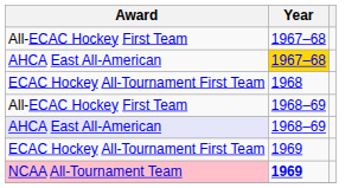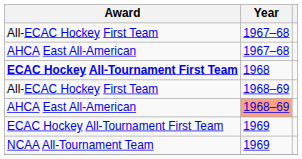 <table class="wikitable">
 <tr>
 <th>Award</th>
 <th>Year</th>
 <th></th>
 </tr>
 <tr>
 <td>All-<a href='#'>ECAC Hockey</a> <a href='#'>First Team</a></td>
 <td><a href='#'>1967–68</a></td>
 <td></td>
 </tr>
 <tr>
 <td><a href='#'>AHCA</a> <a href='#'>East All-American</a></td>
-<td style="background: gold;"><a href='#'>1967–68</a></td>
+<td><a href='#'>1967–68</a></td>
 <td></td>
 </tr>
 <tr>
-<td><a href='#'>ECAC Hockey</a> <a href='#'>All-Tournament First Team</a></td>
+<td><strong><a href='#'>ECAC Hockey</a> <a href='#'>All-Tournament First Team</a></strong></td>
 <td><a href='#'>1968</a></td>
 <td></td>
 </tr>
 <tr>
 <td>All-<a href='#'>ECAC Hockey</a> <a href='#'>First Team</a></td>
 <td><a href='#'>1968–69</a></td>
 <td></td>
 </tr>
 <tr>
-<td style="background: lavender;"><a href='#'>AHCA</a> <a href='#'>East All-American</a></td>
-<td><a href='#'>1968–69</a></td>
+<td><a href='#'>AHCA</a> <a href='#'>East All-American</a></td>
+<td style="background: lightsalmon;"><a href='#'>1968–69</a></td>
 <td></td>
 </tr>
 <tr>
 <td><a href='#'>ECAC Hockey</a> <a href='#'>All-Tournament First Team</a></td>
 <td><a href='#'>1969</a></td>
 <td></td>
 </tr>
 <tr>
-<td style="background: pink;"><a href='#'>NCAA</a> <a href='#'>All-Tournament Team</a></td>
-<td><strong><a href='#'>1969</a></strong></td>
+<td><a href='#'>NCAA</a> <a href='#'>All-Tournament Team</a></td>
+<td><a href='#'>1969</a></td>
 <td></td>
 </tr>
 <tr>
 </tr>
 </table>
